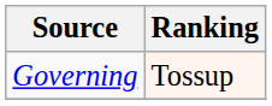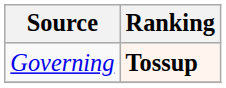 <table class="wikitable">
 <tr>
 <th>Source</th>
 <th>Ranking</th>
 </tr>
 <tr>
 <td><em><a href='#'>Governing</a></em></td>
-<td style="background:seaShell;">Tossup</td>
+<td style="background:seaShell;"><strong>Tossup</strong></td>
 </tr>
 <tr>
 </tr>
 </table>
